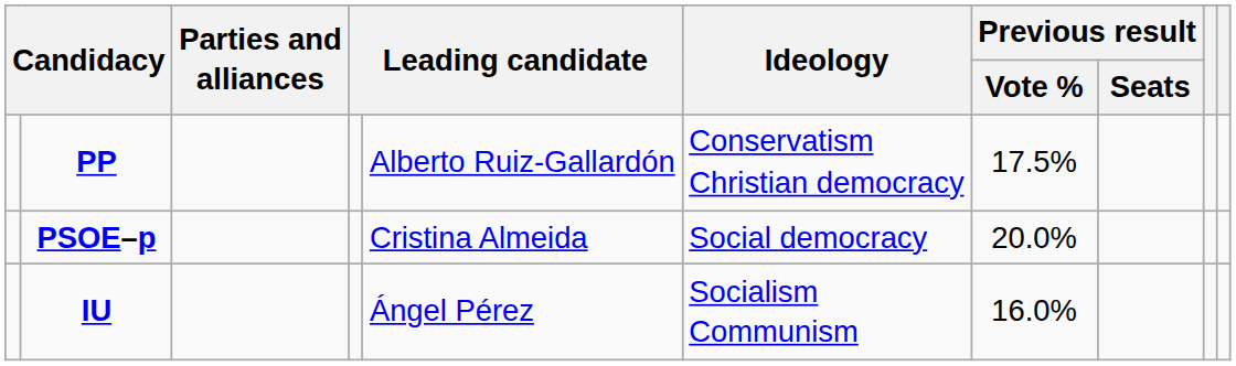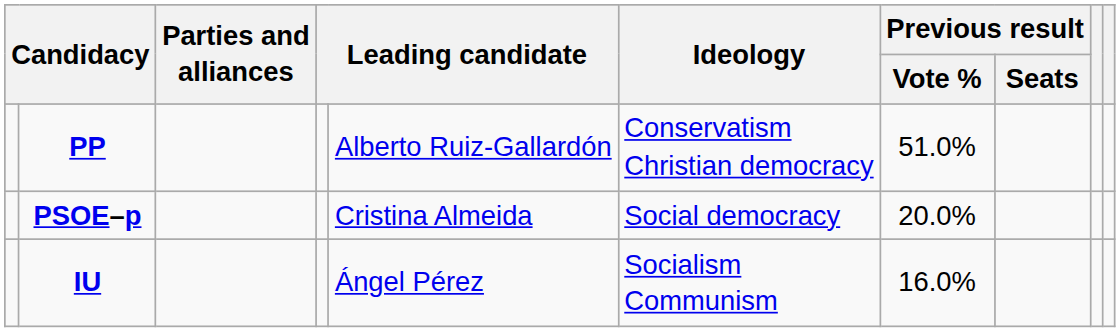 <table class="wikitable" style="line-height:1.35em; text-align:left;">
 <tr>
 <th colspan="2" rowspan="2">Candidacy</th>
 <th rowspan="2">Parties and<br>alliances</th>
 <th colspan="2" rowspan="2">Leading candidate</th>
 <th rowspan="2">Ideology</th>
 <th colspan="2">Previous result</th>
 <th rowspan="2"></th>
 <th rowspan="2"></th>
 </tr>
 <tr>
 <th>Vote %</th>
 <th>Seats</th>
 </tr>
 <tr>
 <td width="1" style="color:inherit;background:"></td>
 <td align="center"><strong><a href='#'>PP</a></strong></td>
 <td></td>
 <td></td>
 <td><a href='#'>Alberto Ruiz-Gallardón</a></td>
 <td><a href='#'>Conservatism</a><br><a href='#'>Christian democracy</a></td>
-<td align="center">17.5%</td>
+<td align="center">51.0%</td>
 <td></td>
 <td></td>
 <td></td>
 </tr>
 <tr>
 <td style="color:inherit;background:"></td>
 <td align="center"><strong><a href='#'>PSOE</a>–<a href='#'>p</a></strong></td>
 <td></td>
 <td></td>
 <td><a href='#'>Cristina Almeida</a></td>
 <td><a href='#'>Social democracy</a></td>
 <td align="center">20.0%</td>
 <td></td>
 <td></td>
 <td></td>
 </tr>
 <tr>
 <td style="color:inherit;background:"></td>
 <td align="center"><strong><a href='#'>IU</a></strong></td>
 <td></td>
 <td></td>
 <td><a href='#'>Ángel Pérez</a></td>
 <td><a href='#'>Socialism</a><br><a href='#'>Communism</a></td>
 <td align="center">16.0%</td>
 <td></td>
 <td></td>
 <td></td>
 </tr>
 </table>
